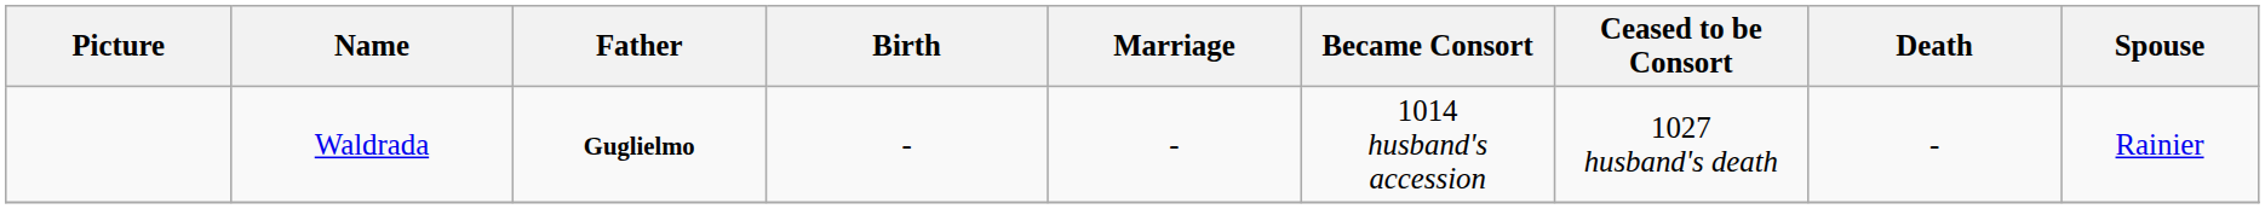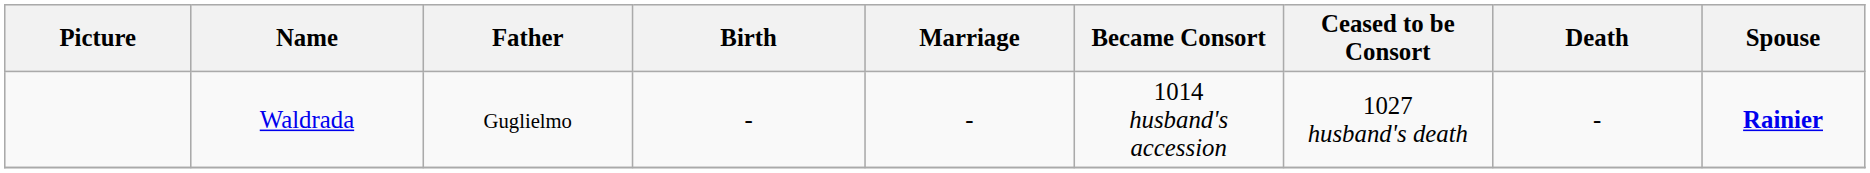 <table width=95% class="wikitable">
 <tr>
 <th width = "8%">Picture</th>
 <th width = "10%">Name</th>
 <th width = "9%">Father</th>
 <th width = "10%">Birth</th>
 <th width = "9%">Marriage</th>
 <th width = "9%">Became Consort</th>
 <th width = "9%">Ceased to be Consort</th>
 <th width = "9%">Death</th>
 <th width = "7%">Spouse</th>
 </tr>
 <tr>
 <td align=center></td>
 <td align=center><a href='#'>Waldrada</a></td>
-<td style="text-align:center;"><strong><small>Guglielmo</small></strong></td>
+<td style="text-align:center;"><small>Guglielmo</small></td>
 <td style="text-align:center;">-</td>
 <td style="text-align:center;">-</td>
 <td style="text-align:center;">1014<br><em>husband's accession</em></td>
 <td style="text-align:center;">1027<br><em>husband's death</em></td>
 <td style="text-align:center;">-</td>
-<td style="text-align:center;"><a href='#'>Rainier</a></td>
+<td style="text-align:center;"><strong><a href='#'>Rainier</a></strong></td>
 </tr>
 <tr>
 </tr>
 </table>
